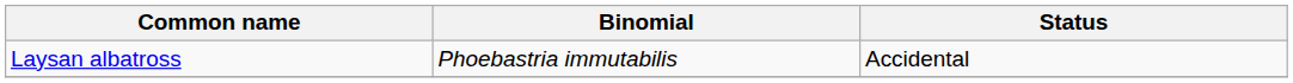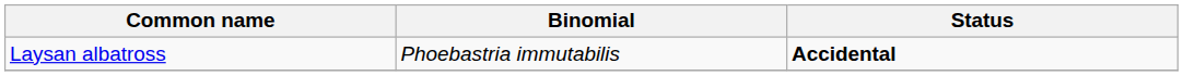 <table width=72% class="wikitable">
 <tr>
 <th width=24%>Common name</th>
 <th width=24%>Binomial</th>
 <th width=24%>Status</th>
 </tr>
 <tr>
 <td><a href='#'>Laysan albatross</a></td>
 <td><em>Phoebastria immutabilis</em></td>
-<td>Accidental</td>
+<td><strong>Accidental</strong></td>
 </tr>
 <tr>
 </tr>
 </table>
